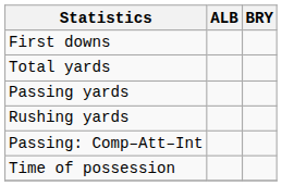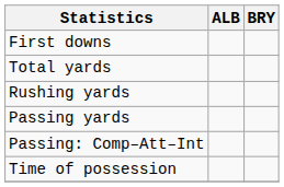 <table class="wikitable" style="float: left;">
 <tr>
 <th>Statistics</th>
 <th>ALB</th>
 <th>BRY</th>
 </tr>
 <tr>
 <td>First downs</td>
 <td></td>
 <td></td>
 </tr>
 <tr>
 <td>Total yards</td>
 <td></td>
 <td></td>
 </tr>
 <tr>
-<td>Passing yards</td>
+<td>Rushing yards</td>
 <td></td>
 <td></td>
 </tr>
 <tr>
-<td>Rushing yards</td>
+<td>Passing yards</td>
 <td></td>
 <td></td>
 </tr>
 <tr>
 <td>Passing: Comp–Att–Int</td>
 <td></td>
 <td></td>
 </tr>
 <tr>
 <td>Time of possession</td>
 <td></td>
 <td></td>
 </tr>
 <tr>
 </tr>
 </table>
